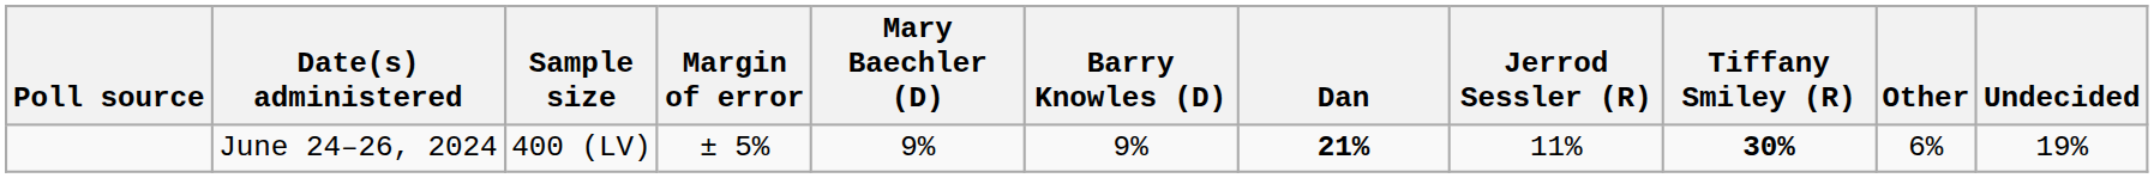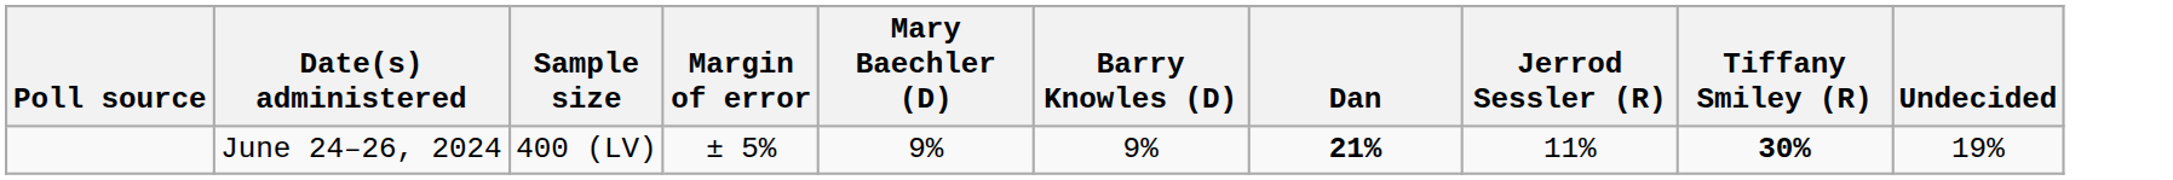 <table class="wikitable" style="font-size:90%;text-align:center;">
 <tr valign=bottom>
 <th>Poll source</th>
 <th>Date(s)<br>administered</th>
 <th>Sample<br>size</th>
 <th>Margin<br>of error</th>
 <th style="width:80px;">Mary<br>Baechler (D)</th>
 <th style="width:80px;">Barry<br>Knowles (D)</th>
 <th style="width:80px;">Dan<br></th>
 <th style="width:80px;">Jerrod<br>Sessler (R)</th>
 <th style="width:80px;">Tiffany<br>Smiley (R)</th>
-<th>Other</th>
 <th>Undecided</th>
 </tr>
 <tr>
 <td style="text-align:left"></td>
 <td>June 24–26, 2024</td>
 <td>400 (LV)</td>
 <td>± 5%</td>
 <td>9%</td>
 <td>9%</td>
 <td><strong>21%</strong></td>
 <td>11%</td>
 <td><strong>30%</strong></td>
-<td>6%</td>
 <td>19%</td>
 </tr>
 </table>
